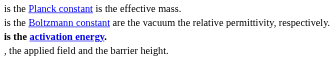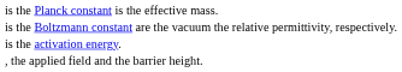 <table>
 <tr>
 <td> is the <a href='#'>Planck constant</a> is the effective mass.</td>
 </tr>
 <tr>
 <td> is the <a href='#'>Boltzmann constant</a> are the vacuum the relative permittivity, respectively.</td>
 </tr>
 <tr>
-<td><strong> is the <a href='#'>activation energy</a>.</strong></td>
+<td> is the <a href='#'>activation energy</a>.</td>
 </tr>
 <tr>
 <td>, the applied field and the barrier height.</td>
 </tr>
 </table>
